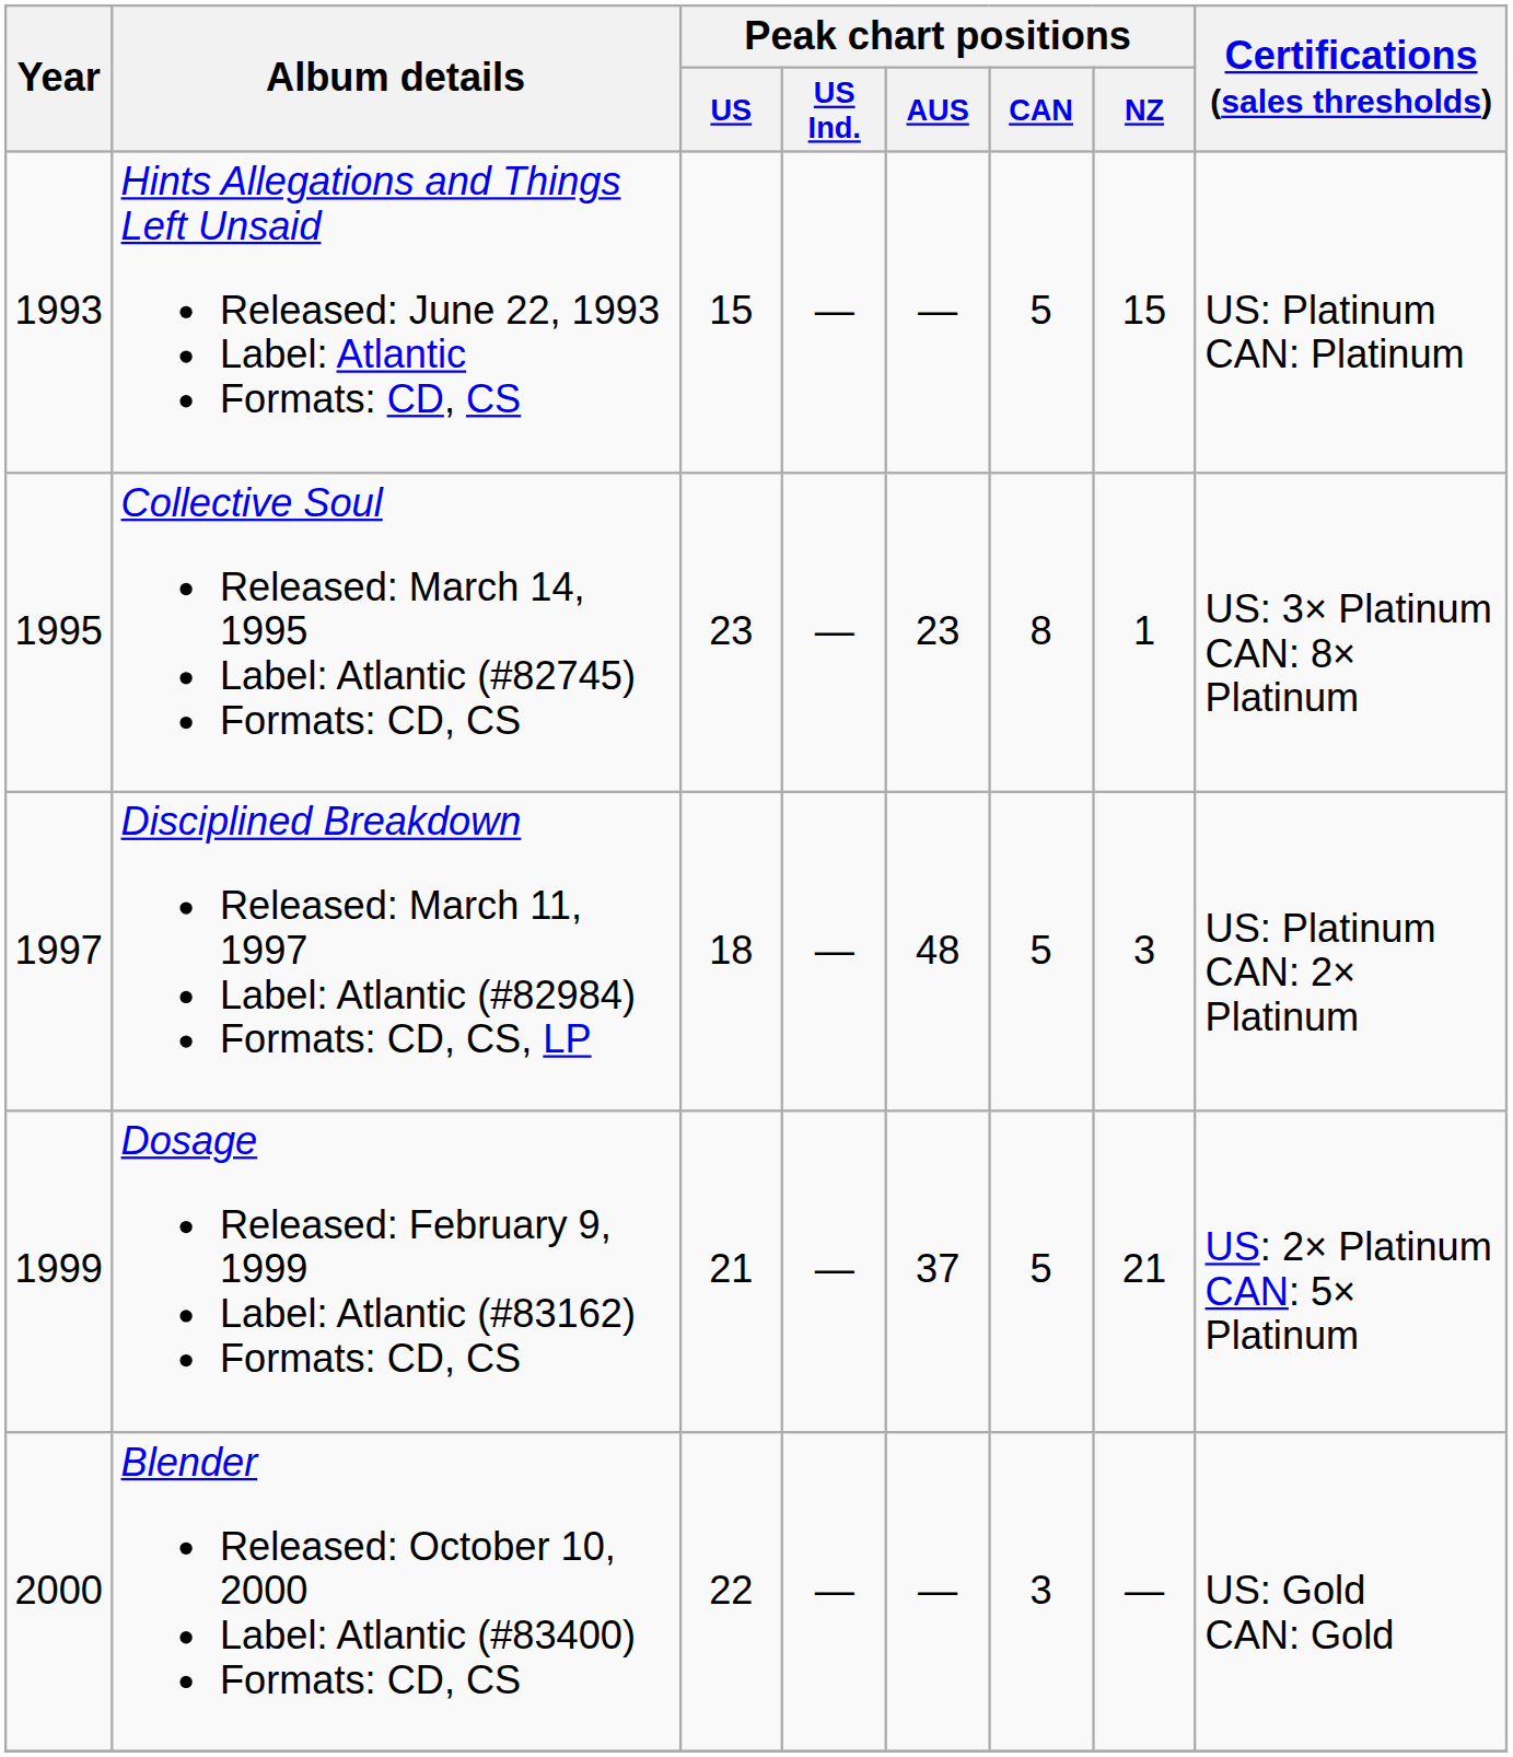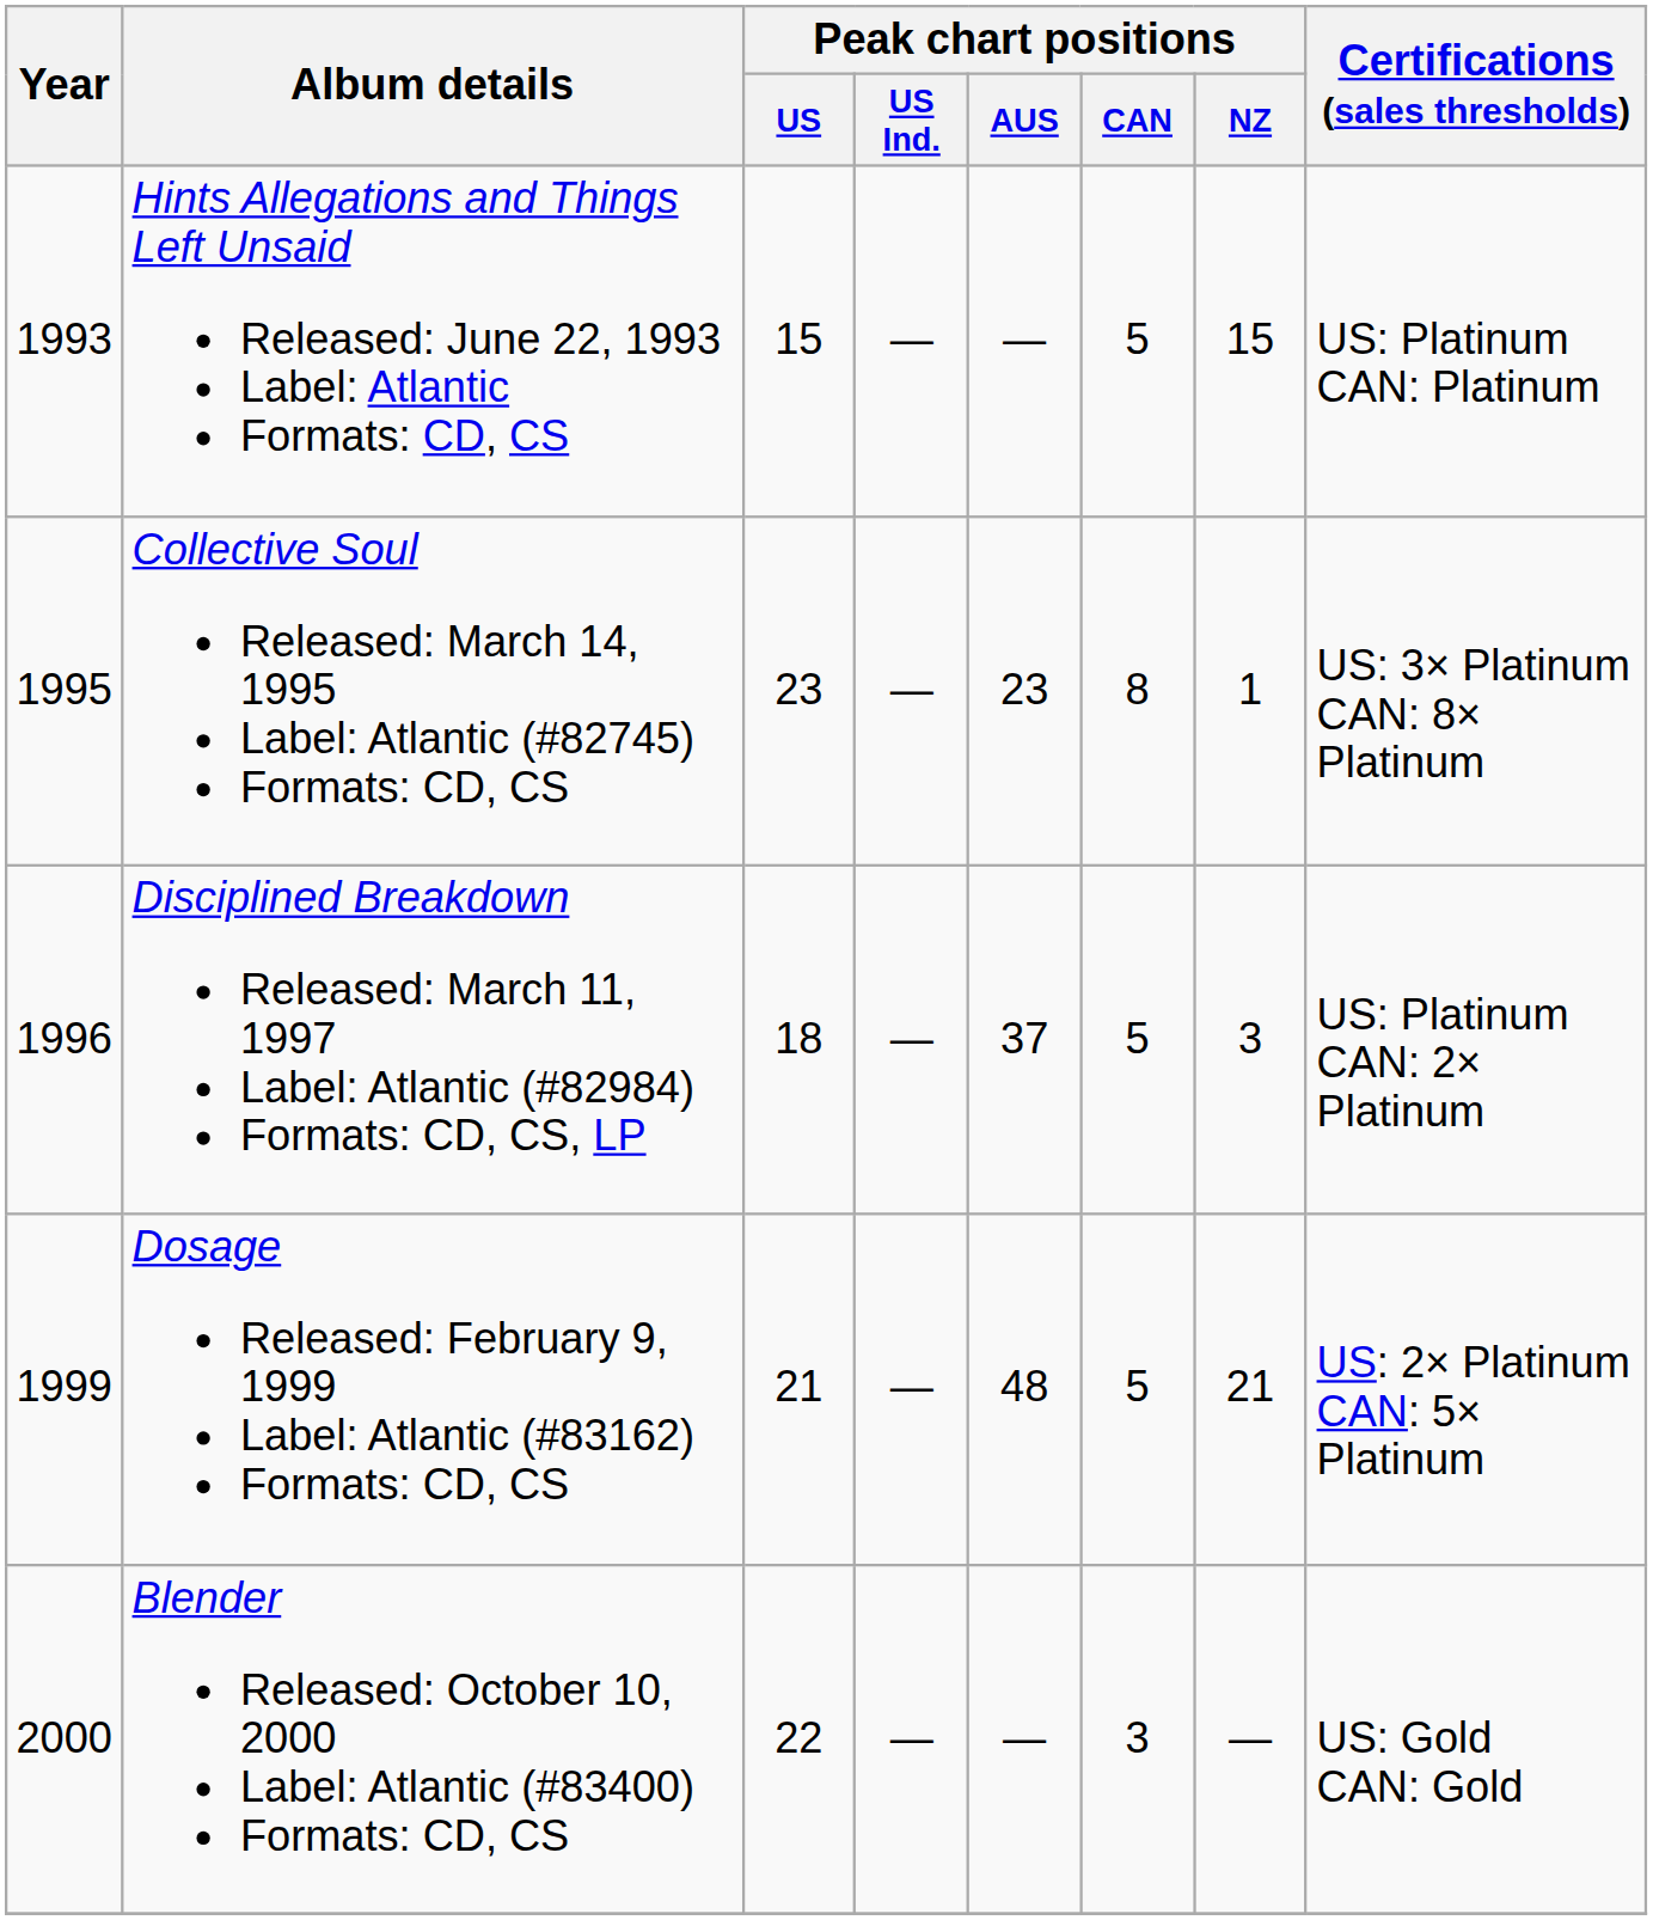 <table class="wikitable">
 <tr>
 <th rowspan="2">Year</th>
 <th rowspan="2">Album details</th>
 <th colspan="5">Peak chart positions</th>
 <th rowspan="2"><a href='#'>Certifications</a><br><small>(<a href='#'>sales thresholds</a>)</small></th>
 </tr>
 <tr>
 <th style="width:3em;font-size:75%"><a href='#'>US</a><br></th>
 <th style="width:3em;font-size:75%"><a href='#'>US<br>Ind.</a><br></th>
 <th style="width:3em;font-size:75%"><a href='#'>AUS</a><br></th>
 <th style="width:3em;font-size:75%"><a href='#'>CAN</a><br></th>
 <th style="width:3em;font-size:75%"><a href='#'>NZ</a><br></th>
 </tr>
 <tr>
 <td>1993</td>
 <td align="left"><em><a href='#'>Hints Allegations and Things Left Unsaid</a></em><br><ul><li>Released: June 22, 1993</li><li>Label: <a href='#'>Atlantic</a></li><li>Formats: <a href='#'>CD</a>, <a href='#'>CS</a></li></ul></td>
 <td align="center">15</td>
 <td align="center">—</td>
 <td align="center">—</td>
 <td align="center">5</td>
 <td align="center">15</td>
 <td><br>US: Platinum <br>CAN: Platinum</td>
 </tr>
 <tr>
 <td>1995</td>
 <td align="left"><em><a href='#'>Collective Soul</a></em><br><ul><li>Released: March 14, 1995</li><li>Label: Atlantic (#82745)</li><li>Formats: CD, CS</li></ul></td>
 <td align="center">23</td>
 <td align="center">—</td>
 <td align="center">23</td>
 <td align="center">8</td>
 <td align="center">1</td>
 <td><br>US: 3× Platinum <br>CAN: 8× Platinum</td>
 </tr>
 <tr>
-<td>1997</td>
+<td>1996</td>
 <td align="left"><em><a href='#'>Disciplined Breakdown</a></em><br><ul><li>Released: March 11, 1997</li><li>Label: Atlantic (#82984)</li><li>Formats: CD, CS, <a href='#'>LP</a></li></ul></td>
 <td align="center">18</td>
 <td align="center">—</td>
-<td align="center">48</td>
+<td align="center">37</td>
 <td align="center">5</td>
 <td align="center">3</td>
 <td><br>US: Platinum <br>CAN: 2× Platinum</td>
 </tr>
 <tr>
 <td>1999</td>
 <td align="left"><em><a href='#'>Dosage</a></em><br><ul><li>Released: February 9, 1999</li><li>Label: Atlantic (#83162)</li><li>Formats: CD, CS</li></ul></td>
 <td align="center">21</td>
 <td align="center">—</td>
-<td align="center">37</td>
+<td align="center">48</td>
 <td align="center">5</td>
 <td align="center">21</td>
 <td><br><a href='#'>US</a>: 2× Platinum <br><a href='#'>CAN</a>: 5× Platinum</td>
 </tr>
 <tr>
 <td>2000</td>
 <td align="left"><em><a href='#'>Blender</a></em><br><ul><li>Released: October 10, 2000</li><li>Label: Atlantic (#83400)</li><li>Formats: CD, CS</li></ul></td>
 <td align="center">22</td>
 <td align="center">—</td>
 <td align="center">—</td>
 <td align="center">3</td>
 <td align="center">—</td>
 <td><br>US: Gold <br>CAN: Gold</td>
 </tr>
 <tr>
 </tr>
 </table>
